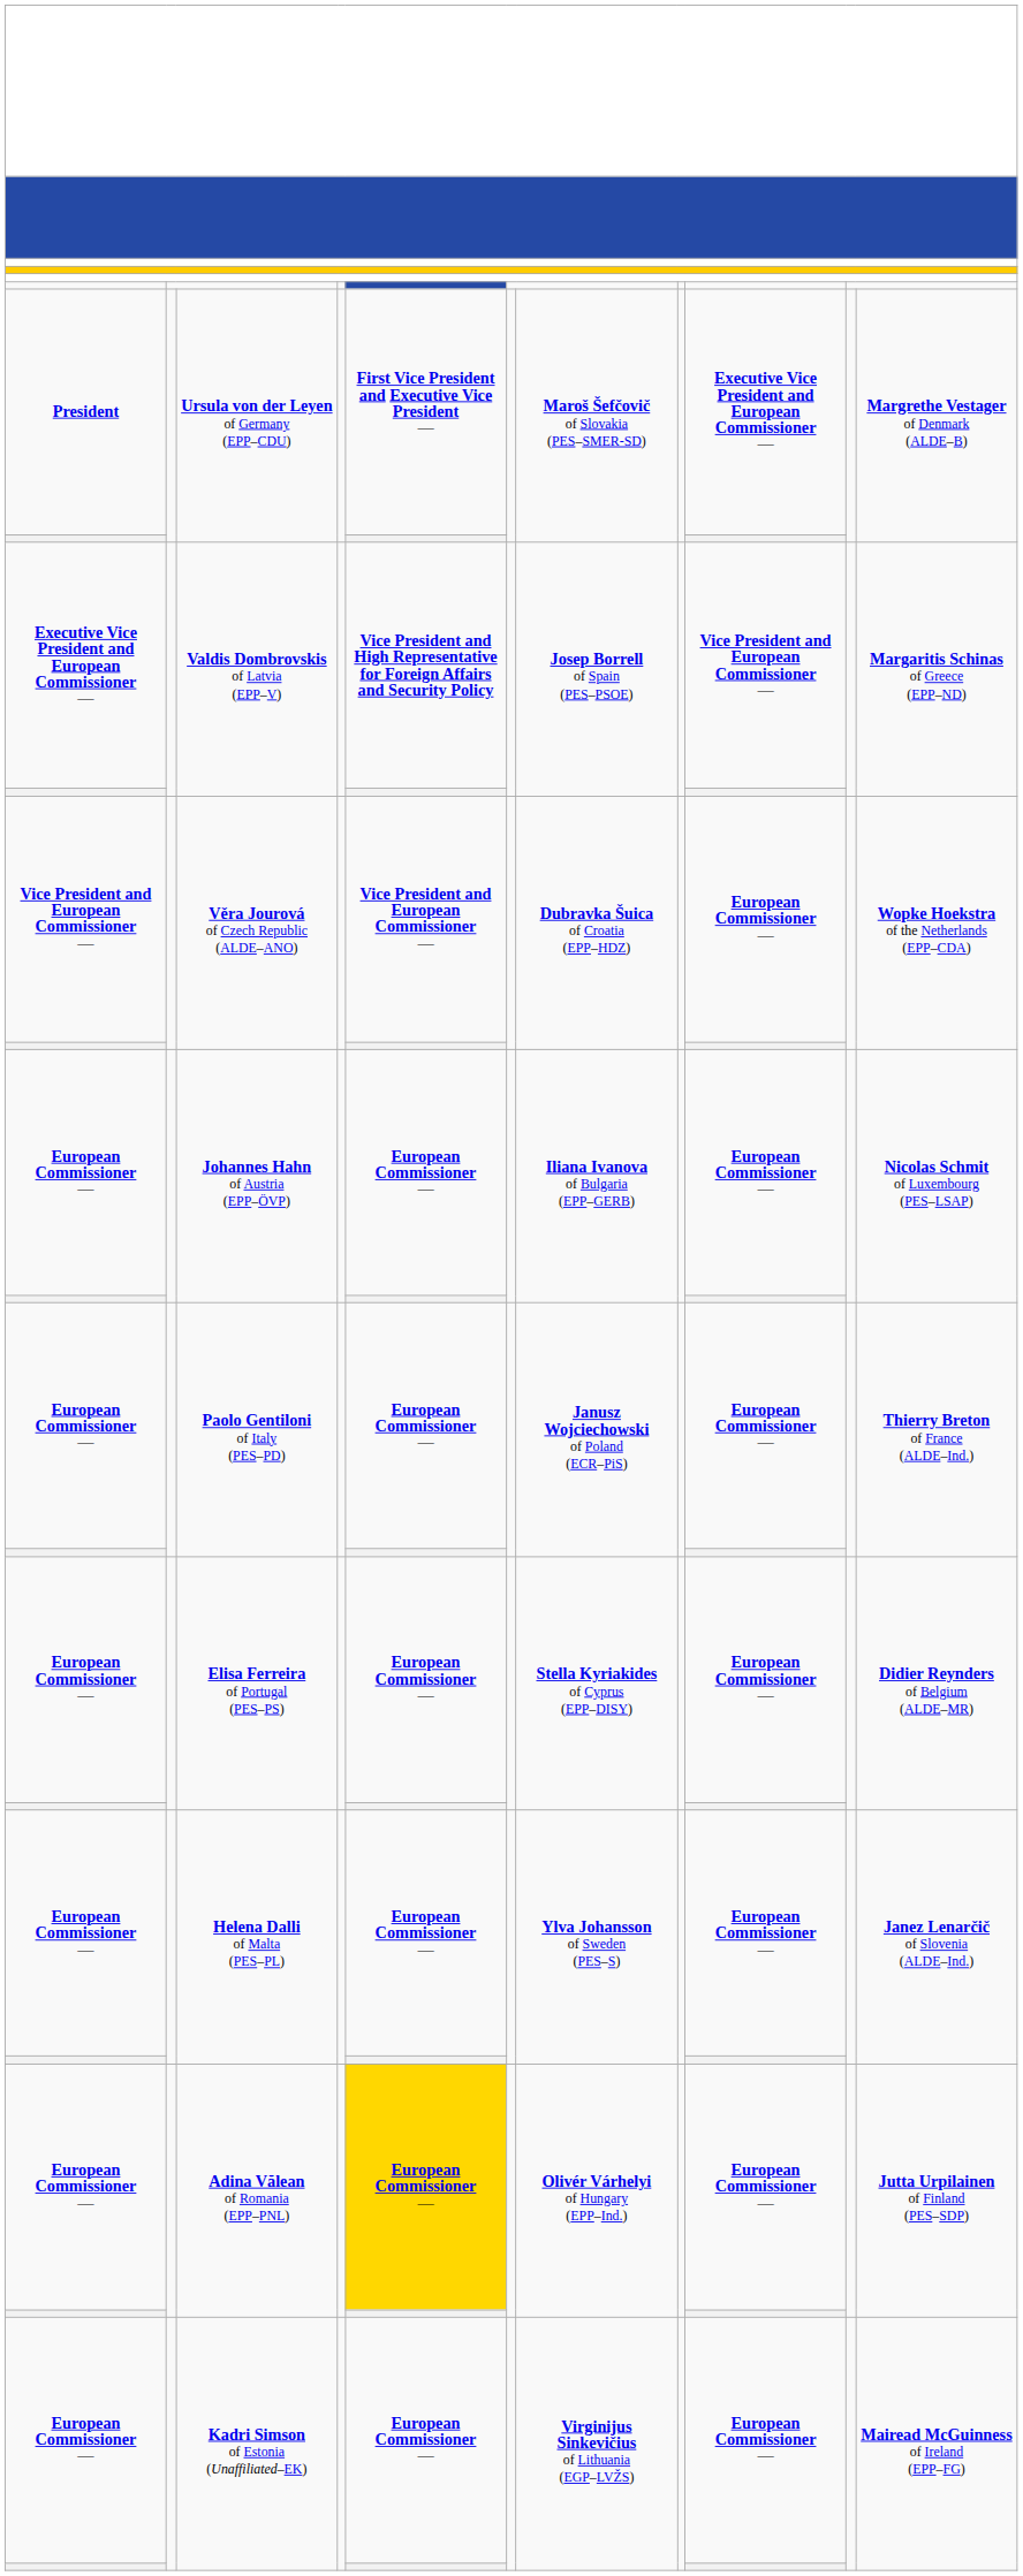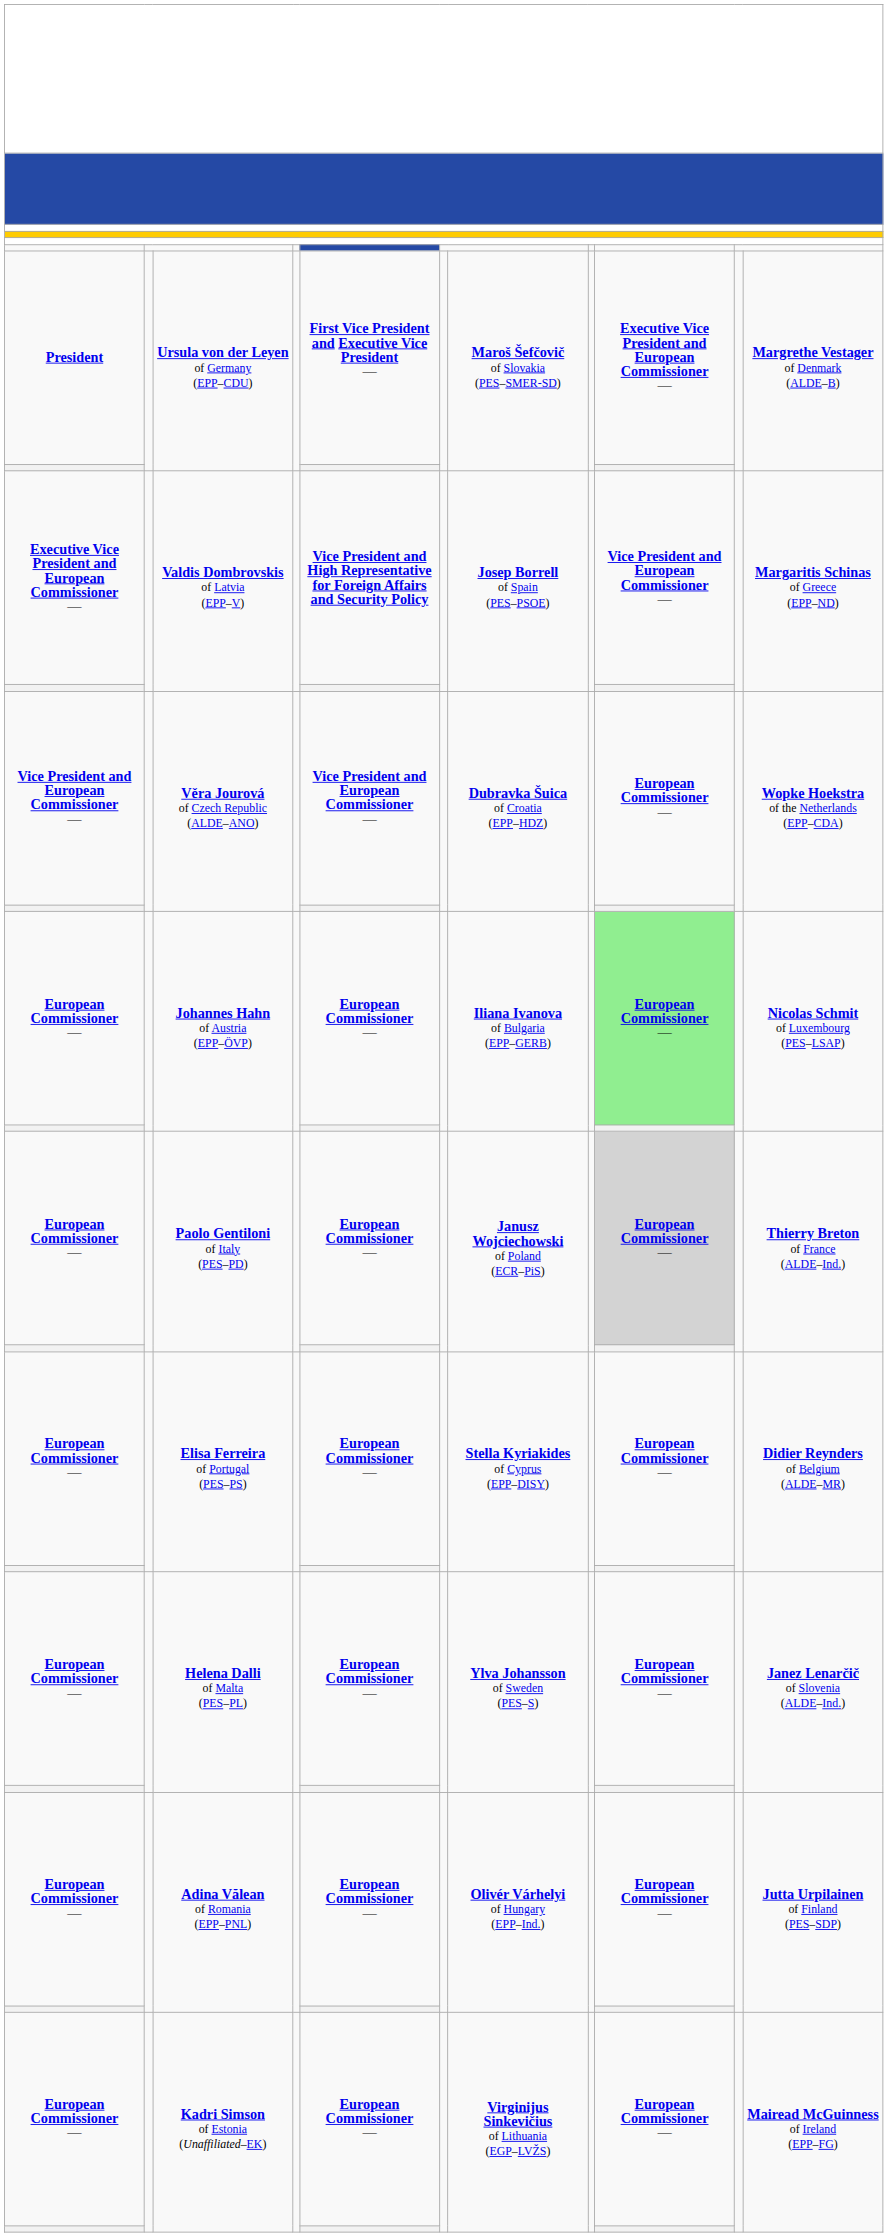 <table class="wikitable" style="text-align: center; line-height:16px;">
 <tr>
 <td colspan="11" style="height: 10em; background:white"></td>
 </tr>
 <tr style="height: 5em;">
 <td colspan="11" style="background-color:#2549a5"></td>
 </tr>
 <tr>
 <td colspan="11" style="background-color:#ffffff"></td>
 </tr>
 <tr>
 <td colspan="11" style="background-color:#ffcc00"></td>
 </tr>
 <tr>
 <td colspan="11" style="background-color:#ffffff"></td>
 </tr>
 <tr>
 <td style="width:150px;" style="background-color:#2549a5"></td>
 <td colspan="2"  style="width:150px;" style="background-color:#2549a5"></td>
 <td></td>
 <td tyle="width:150px;" style="background-color:#2549a5"></td>
 <td colspan="2"  style="width:150px;" style="background-color:#2549a5"></td>
 <td></td>
 <td style="width:150px;" style="background-color:#2549a5"></td>
 <td colspan="2"  style="width:150px;" style="background-color:#2549a5"></td>
 </tr>
 <tr style="height: 15em;">
 <td style="width:150px;"><strong><a href='#'>President</a></strong></td>
 <td rowspan=2 style="width:2px; background:"></td>
 <td rowspan=2 style="width:150px;"><br><strong><a href='#'>Ursula von der Leyen</a></strong><br><small>of  <a href='#'>Germany</a></small><br><small>(<a href='#'>EPP</a>–<a href='#'>CDU</a>)</small></td>
 <td rowspan = "2"></td>
 <td style="width:150px;"><strong><a href='#'>First Vice President and</a> <a href='#'>Executive Vice President</a></strong><br>—<br><br></td>
 <td rowspan=2 style="width:2px; background:"></td>
 <td rowspan=2 style="width:150px;"><br><strong><a href='#'>Maroš Šefčovič</a></strong><br><small>of  <a href='#'>Slovakia</a></small><br><small>(<a href='#'>PES</a>–<a href='#'>SMER-SD</a>)</small></td>
 <td rowspan = "2"></td>
 <td style="width:150px;"><strong><a href='#'>Executive Vice President and</a> <a href='#'>European Commissioner</a></strong><br>—<br></td>
 <td rowspan=2 style="width:2px; background:"></td>
 <td rowspan=2 style="width:150px;"><br><strong><a href='#'>Margrethe Vestager</a></strong><br><small>of  <a href='#'>Denmark</a></small><br><small>(<a href='#'>ALDE</a>–<a href='#'>B</a>)</small></td>
 </tr>
 <tr>
 <th></th>
 <th></th>
 <th></th>
 </tr>
 <tr style="height: 15em;">
 <td style="width:150px;"><strong><a href='#'>Executive Vice President and</a> <a href='#'>European Commissioner</a></strong><br>—<br></td>
 <td rowspan=2 style="width:2px; background:"></td>
 <td rowspan=2 style="width:150px;"><br><strong><a href='#'>Valdis Dombrovskis</a></strong><br><small>of  <a href='#'>Latvia</a></small><br><small>(<a href='#'>EPP</a>–<a href='#'>V</a>)</small></td>
 <td rowspan = "2"></td>
 <td style="width:150px;"><strong><a href='#'>Vice President and</a> <a href='#'>High Representative for Foreign Affairs and Security Policy</a></strong></td>
 <td rowspan=2 style="width:2px; background:"></td>
 <td rowspan=2 style="width:150px;"><br><strong><a href='#'>Josep Borrell</a></strong><br><small>of  <a href='#'>Spain</a></small><br><small>(<a href='#'>PES</a>–<a href='#'>PSOE</a>)</small></td>
 <td rowspan = "2"></td>
 <td style="width:150px;"><strong><a href='#'>Vice President and</a> <a href='#'>European Commissioner</a></strong><br>—<br></td>
 <td rowspan=2 style="width:2px; background:"></td>
 <td rowspan=2 style="width:150px;"><br><strong><a href='#'>Margaritis Schinas</a></strong><br><small>of  <a href='#'>Greece</a></small><br><small>(<a href='#'>EPP</a>–<a href='#'>ND</a>)</small></td>
 </tr>
 <tr>
 <th></th>
 <th></th>
 <th></th>
 </tr>
 <tr style="height: 15em;">
 <td style="width:150px;"><strong><a href='#'>Vice President and</a> <a href='#'>European Commissioner</a></strong><br>—<br></td>
 <td rowspan=2 style="width:2px; background:"></td>
 <td rowspan=2 style="width:150px;"><br><strong><a href='#'>Věra Jourová</a></strong><br><small>of  <a href='#'>Czech Republic</a></small><br><small>(<a href='#'>ALDE</a>–<a href='#'>ANO</a>)</small></td>
 <td rowspan = "2"></td>
 <td style="width:150px;"><strong><a href='#'>Vice President and</a> <a href='#'>European Commissioner</a></strong><br>—<br></td>
 <td rowspan=2 style="width:2px; background:"></td>
 <td rowspan=2 style="width:150px;"><br><strong><a href='#'>Dubravka Šuica</a></strong><br><small>of  <a href='#'>Croatia</a></small><br><small>(<a href='#'>EPP</a>–<a href='#'>HDZ</a>)</small></td>
 <td rowspan = "2"></td>
 <td style="width:150px;"><strong><a href='#'>European Commissioner</a></strong><br>—<br></td>
 <td rowspan=2 style="width:2px; background:"></td>
 <td rowspan=2 style="width:150px;"><br><strong><a href='#'>Wopke Hoekstra</a></strong><br><small>of the  <a href='#'>Netherlands</a></small><br><small>(<a href='#'>EPP</a>–<a href='#'>CDA</a>)</small></td>
 </tr>
 <tr>
 <th></th>
 <th></th>
 <th></th>
 </tr>
 <tr style="height: 15em;">
 <td style="width:150px;"><strong><a href='#'>European Commissioner</a></strong><br>—<br></td>
 <td rowspan=2 style="width:2px; background:"></td>
 <td rowspan=2 style="width:150px;"><br><strong><a href='#'>Johannes Hahn</a></strong><br><small>of  <a href='#'>Austria</a></small><br><small>(<a href='#'>EPP</a>–<a href='#'>ÖVP</a>)</small></td>
 <td rowspan = "2"></td>
 <td style="width:150px;"><strong><a href='#'>European Commissioner</a></strong><br>—<br></td>
 <td rowspan=2 style="width:2px; background:"></td>
 <td rowspan=2 style="width:150px;"><br><strong><a href='#'>Iliana Ivanova</a></strong><br><small>of  <a href='#'>Bulgaria</a></small><br><small>(<a href='#'>EPP</a>–<a href='#'>GERB</a>)</small></td>
 <td rowspan = "2"></td>
-<td style="width:150px;"><strong><a href='#'>European Commissioner</a></strong><br>—<br></td>
+<td style="background: lightgreen; width:150px;"><strong><a href='#'>European Commissioner</a></strong><br>—<br></td>
 <td rowspan=2 style="width:2px; background:"></td>
 <td rowspan=2 style="width:150px;"><br><strong><a href='#'>Nicolas Schmit</a></strong><br><small>of  <a href='#'>Luxembourg</a></small><br><small>(<a href='#'>PES</a>–<a href='#'>LSAP</a>)</small></td>
 </tr>
 <tr>
 <th></th>
 <th></th>
 <th></th>
 </tr>
 <tr style="height: 15em;">
 <td style="width:150px;"><strong><a href='#'>European Commissioner</a></strong><br>—<br></td>
 <td rowspan=2 style="width:2px; background:"></td>
 <td rowspan=2 style="width:150px;"><br><strong><a href='#'>Paolo Gentiloni</a></strong><br><small>of  <a href='#'>Italy</a></small><br><small>(<a href='#'>PES</a>–<a href='#'>PD</a>)</small></td>
 <td rowspan = "2"></td>
 <td style="width:150px;"><strong><a href='#'>European Commissioner</a></strong><br>—<br></td>
 <td rowspan=2 style="width:2px; background:"></td>
 <td rowspan=2 style="width:150px;"><br><strong><a href='#'>Janusz Wojciechowski</a></strong><br><small>of  <a href='#'>Poland</a></small><br><small>(<a href='#'>ECR</a>–<a href='#'>PiS</a>)</small></td>
 <td rowspan = "2"></td>
-<td style="width:150px;"><strong><a href='#'>European Commissioner</a></strong><br>—<br></td>
+<td style="background: lightgrey; width:150px;"><strong><a href='#'>European Commissioner</a></strong><br>—<br></td>
 <td rowspan=2 style="width:2px; background:"></td>
 <td rowspan=2 style="width:150px;"><br><strong><a href='#'>Thierry Breton</a></strong><br><small>of  <a href='#'>France</a></small><br><small>(<a href='#'>ALDE</a>–<a href='#'>Ind.</a>)</small></td>
 </tr>
 <tr>
 <th></th>
 <th></th>
 <th></th>
 </tr>
 <tr style="height: 15em;">
 <td style="width:150px;"><strong><a href='#'>European Commissioner</a></strong><br>—<br></td>
 <td rowspan=2 style="width:2px; background:"></td>
 <td rowspan=2 style="width:150px;"><br><strong><a href='#'>Elisa Ferreira</a></strong><br><small>of  <a href='#'>Portugal</a></small><br><small>(<a href='#'>PES</a>–<a href='#'>PS</a>)</small></td>
 <td rowspan = "2"></td>
 <td style="width:150px;"><strong><a href='#'>European Commissioner</a></strong><br>—<br></td>
 <td rowspan=2 style="width:2px; background:"></td>
 <td rowspan=2 style="width:150px;"><br><strong><a href='#'>Stella Kyriakides</a></strong><br><small>of  <a href='#'>Cyprus</a></small><br><small>(<a href='#'>EPP</a>–<a href='#'>DISY</a>)</small></td>
 <td rowspan = "2"></td>
 <td style="width:150px;"><strong><a href='#'>European Commissioner</a></strong><br>—<br></td>
 <td rowspan=2 style="width:2px; background:"></td>
 <td rowspan=2 style="width:150px;"><br><strong><a href='#'>Didier Reynders</a></strong><br><small>of  <a href='#'>Belgium</a></small><br><small>(<a href='#'>ALDE</a>–<a href='#'>MR</a>)</small></td>
 </tr>
 <tr>
 <th></th>
 <th></th>
 <th></th>
 </tr>
 <tr style="height: 15em;">
 <td style="width:150px;"><strong><a href='#'>European Commissioner</a></strong><br>—<br></td>
 <td rowspan=2 style="width:2px; background:"></td>
 <td rowspan=2 style="width:150px;"><br><strong><a href='#'>Helena Dalli</a></strong><br><small>of  <a href='#'>Malta</a></small><br><small>(<a href='#'>PES</a>–<a href='#'>PL</a>)</small></td>
 <td rowspan = "2"></td>
 <td style="width:150px;"><strong><a href='#'>European Commissioner</a></strong><br>—<br></td>
 <td rowspan=2 style="width:2px; background:"></td>
 <td rowspan=2 style="width:150px;"><br><strong><a href='#'>Ylva Johansson</a></strong><br><small>of  <a href='#'>Sweden</a></small><br><small>(<a href='#'>PES</a>–<a href='#'>S</a>)</small></td>
 <td rowspan = "2"></td>
 <td style="width:150px;"><strong><a href='#'>European Commissioner</a></strong><br>—<br></td>
 <td rowspan=2 style="width:2px; background:"></td>
 <td rowspan=2 style="width:150px;"><br><strong><a href='#'>Janez Lenarčič</a></strong><br><small>of  <a href='#'>Slovenia</a></small><br><small>(<a href='#'>ALDE</a>–<a href='#'>Ind.</a>)</small></td>
 </tr>
 <tr>
 <th></th>
 <th></th>
 <th></th>
 </tr>
 <tr style="height: 15em;">
 <td style="width:150px;"><strong><a href='#'>European Commissioner</a></strong><br>—<br></td>
 <td rowspan=2 style="width:2px; background:"></td>
 <td rowspan=2 style="width:150px;"><br><strong><a href='#'>Adina Vălean</a></strong><br><small>of  <a href='#'>Romania</a></small><br><small>(<a href='#'>EPP</a>–<a href='#'>PNL</a>)</small></td>
 <td rowspan = "2"></td>
-<td style="background: gold; width:150px;"><strong><a href='#'>European Commissioner</a></strong><br>—<br></td>
+<td style="width:150px;"><strong><a href='#'>European Commissioner</a></strong><br>—<br></td>
 <td rowspan=2 style="width:2px; background:"></td>
 <td rowspan=2 style="width:150px;"><br><strong><a href='#'>Olivér Várhelyi</a></strong><br><small>of  <a href='#'>Hungary</a></small><br><small>(<a href='#'>EPP</a>–<a href='#'>Ind.</a>)</small></td>
 <td rowspan = "2"></td>
 <td style="width:150px;"><strong><a href='#'>European Commissioner</a></strong><br>—<br></td>
 <td rowspan=2 style="width:2px; background:"></td>
 <td rowspan=2 style="width:150px;"><br><strong><a href='#'>Jutta Urpilainen</a></strong><br><small>of  <a href='#'>Finland</a></small><br><small>(<a href='#'>PES</a>–<a href='#'>SDP</a>)</small></td>
 </tr>
 <tr>
 <th></th>
 <th></th>
 <th></th>
 </tr>
 <tr style="height: 15em;">
 <td style="width:150px;"><strong><a href='#'>European Commissioner</a></strong><br>—<br></td>
 <td rowspan=2 style="width:2px; background:"></td>
 <td rowspan=2 style="width:150px;"><br><strong><a href='#'>Kadri Simson</a></strong><br><small>of  <a href='#'>Estonia</a></small><br><small>(<em>Unaffiliated</em>–<a href='#'>EK</a>)</small></td>
 <td rowspan = "2"></td>
 <td style="width:150px;"><strong><a href='#'>European Commissioner</a></strong><br>—<br></td>
 <td rowspan=2 style="width:2px; background:"></td>
 <td rowspan=2 style="width:150px;"><br><strong><a href='#'>Virginijus Sinkevičius</a></strong><br><small>of  <a href='#'>Lithuania</a></small><br><small>(<a href='#'>EGP</a>–<a href='#'>LVŽS</a>)</small></td>
 <td rowspan = "2"></td>
 <td style="width:150px;"><strong><a href='#'>European Commissioner</a></strong><br>—<br></td>
 <td rowspan=2 style="width:2px; background:"></td>
 <td rowspan=2 style="width:150px;"><br><strong><a href='#'>Mairead McGuinness</a></strong><br><small>of  <a href='#'>Ireland</a></small><br><small>(<a href='#'>EPP</a>–<a href='#'>FG</a>)</small></td>
 </tr>
 <tr>
 <th></th>
 <th></th>
 <th></th>
 </tr>
 </table>
